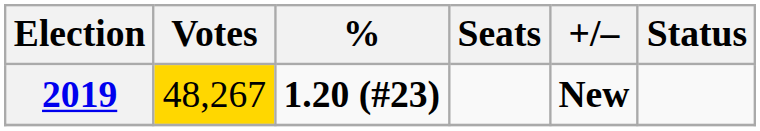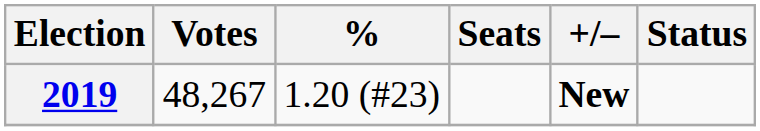 <table class="wikitable" text-align:left;">
 <tr>
 <th>Election</th>
 <th>Votes</th>
 <th>%</th>
 <th>Seats</th>
 <th>+/–</th>
 <th>Status</th>
 </tr>
 <tr>
 <th><a href='#'>2019</a></th>
-<td style="background: gold;">48,267</td>
-<td><strong>1.20 (#23)</strong></td>
+<td>48,267</td>
+<td>1.20 (#23)</td>
 <td></td>
 <td><strong>New</strong></td>
 <td></td>
 </tr>
 <tr>
 </tr>
 </table>
